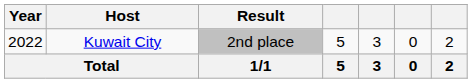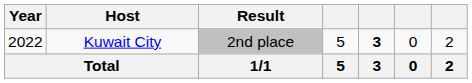 <table class="wikitable" style="text-align:center">
 <tr>
 <th width=30>Year</th>
 <th width=150>Host</th>
 <th width=120>Result</th>
 <th width=30></th>
 <th width=30></th>
 <th width=30></th>
 <th width=30></th>
 </tr>
 <tr>
 <td>2022</td>
 <td> <a href='#'>Kuwait City</a></td>
 <td bgcolor="silver"> 2nd place</td>
 <td>5</td>
-<td>3</td>
+<td><strong>3</strong></td>
 <td>0</td>
 <td>2</td>
 </tr>
 <tr>
 <th colspan=2>Total</th>
 <th>1/1</th>
 <th>5</th>
 <th>3</th>
 <th>0</th>
 <th>2</th>
 </tr>
 </table>
